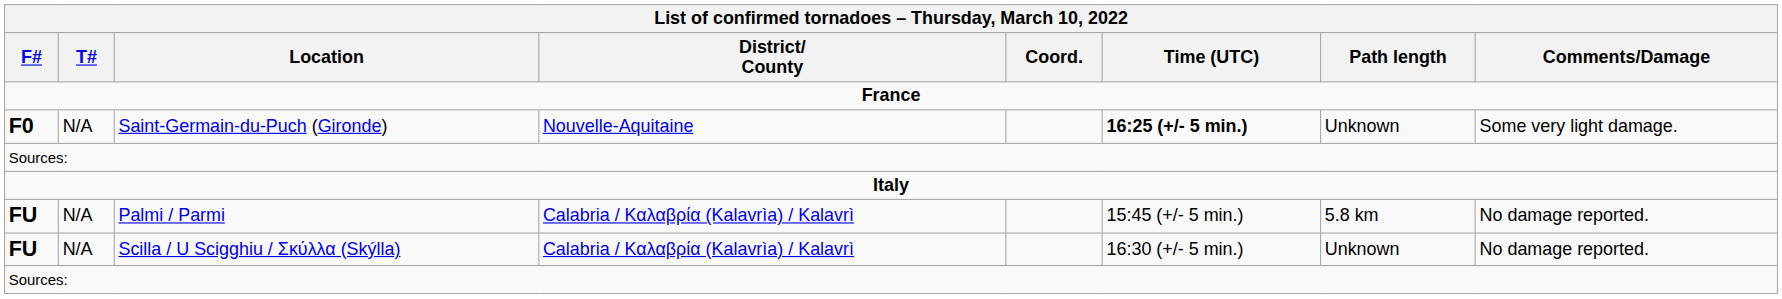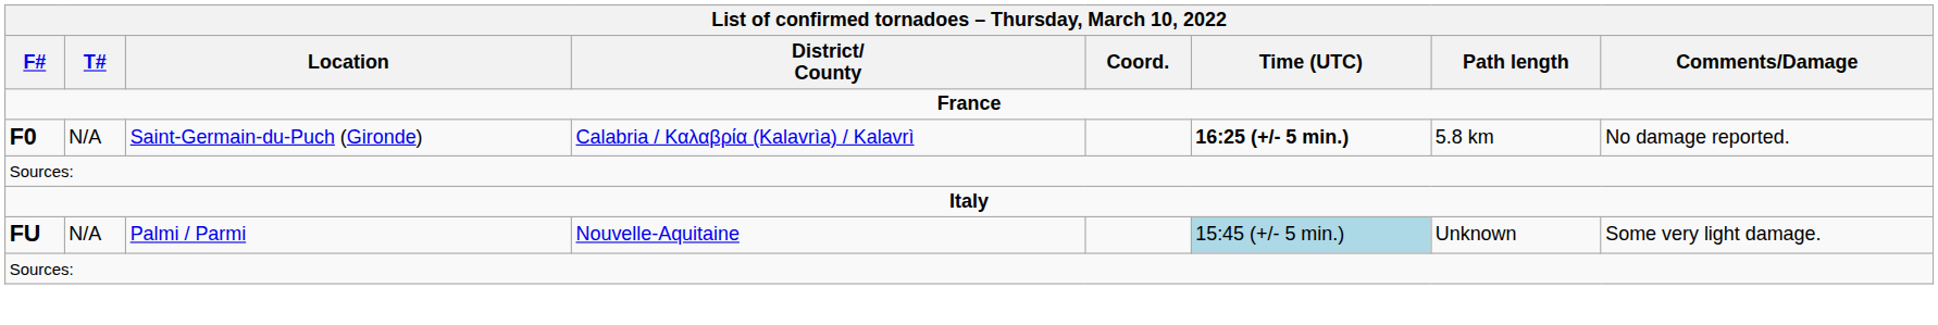 <table class="wikitable collapsible" width="100%">
 <tr>
 <th colspan="8">List of confirmed tornadoes – Thursday, March 10, 2022</th>
 </tr>
 <tr>
 <th><a href='#'>F#</a></th>
 <th><a href='#'>T#</a></th>
 <th>Location</th>
 <th>District/<br>County</th>
 <th>Coord.</th>
 <th>Time (UTC)</th>
 <th>Path length</th>
 <th>Comments/Damage</th>
 </tr>
 <tr>
 <td colspan="8" align=center><strong>France</strong></td>
 </tr>
 <tr>
 <td><big><strong>F0</strong></big></td>
 <td>N/A</td>
 <td><a href='#'>Saint-Germain-du-Puch</a> (<a href='#'>Gironde</a>)</td>
-<td><a href='#'>Nouvelle-Aquitaine</a></td>
+<td><a href='#'>Calabria / Καλαβρία (Kalavrìa) / Kalavrì</a></td>
 <td></td>
 <td><strong>16:25 (+/- 5 min.)</strong></td>
-<td>Unknown</td>
-<td>Some very light damage.</td>
+<td>5.8 km</td>
+<td>No damage reported.</td>
 </tr>
 <tr>
 <td colspan="8"><small>Sources:  </small></td>
 </tr>
 <tr>
 <td colspan="8" align=center><strong>Italy</strong></td>
 </tr>
 <tr>
 <td><big><strong>FU</strong></big></td>
 <td>N/A</td>
 <td><a href='#'>Palmi / Parmi</a></td>
-<td><a href='#'>Calabria / Καλαβρία (Kalavrìa) / Kalavrì</a></td>
+<td><a href='#'>Nouvelle-Aquitaine</a></td>
 <td></td>
-<td>15:45 (+/- 5 min.)</td>
-<td>5.8 km</td>
-<td>No damage reported.</td>
-</tr>
-<tr>
-<td><big><strong>FU</strong></big></td>
-<td>N/A</td>
-<td><a href='#'>Scilla / U Scigghiu / Σκύλλα (Skýlla)</a></td>
-<td><a href='#'>Calabria / Καλαβρία (Kalavrìa) / Kalavrì</a></td>
-<td></td>
-<td>16:30 (+/- 5 min.)</td>
+<td style="background: lightblue;">15:45 (+/- 5 min.)</td>
 <td>Unknown</td>
-<td>No damage reported.</td>
+<td>Some very light damage.</td>
 </tr>
 <tr>
 <td colspan="8"><small>Sources:  </small></td>
 </tr>
 </table>
